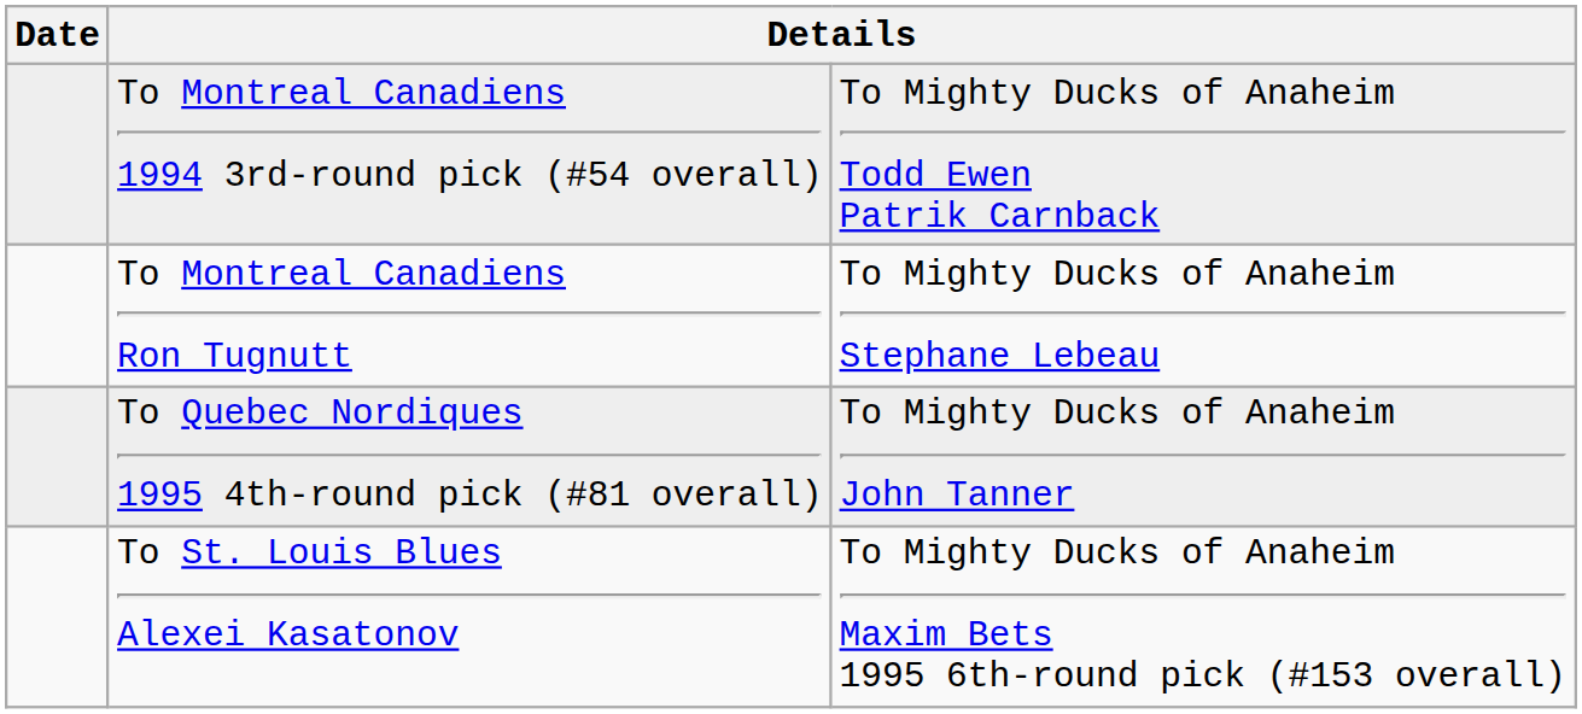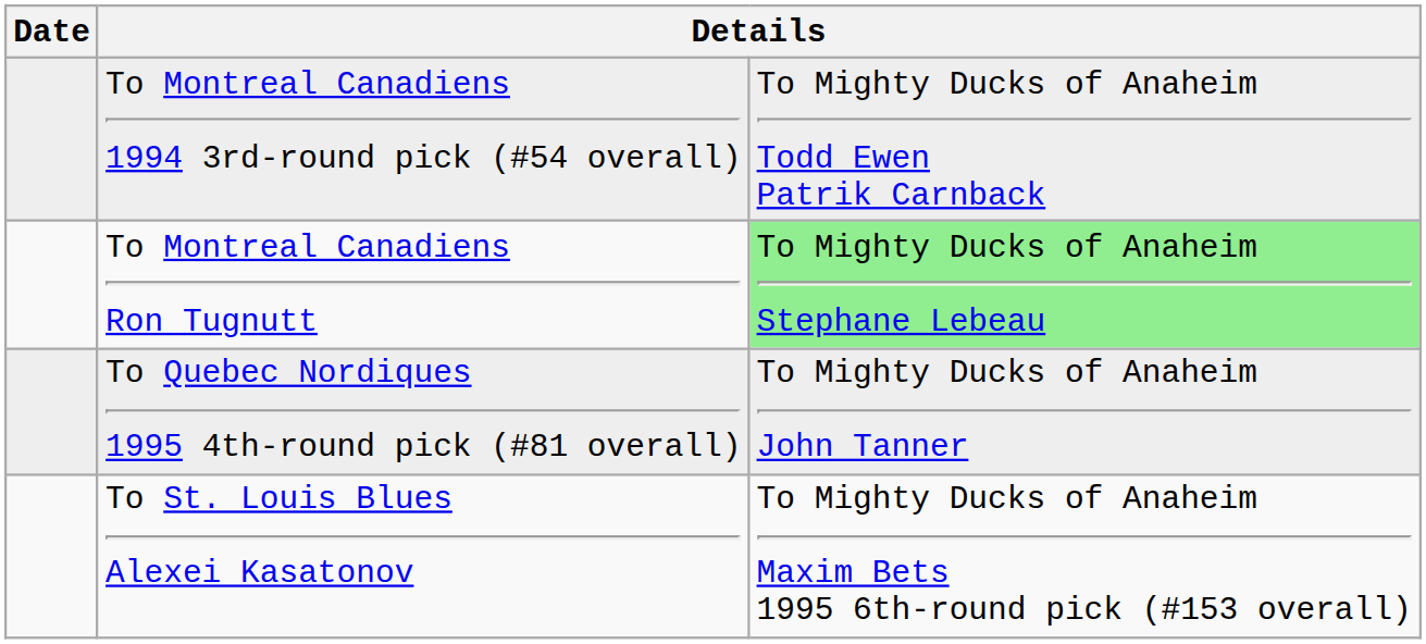 <table class="wikitable">
 <tr>
 <th>Date</th>
 <th colspan="2">Details</th>
 </tr>
 <tr style="background:#eee;">
 <td></td>
 <td valign="top">To <a href='#'>Montreal Canadiens</a><hr><a href='#'>1994</a> 3rd-round pick (#54 overall)</td>
 <td valign="top">To Mighty Ducks of Anaheim<hr><a href='#'>Todd Ewen</a><br><a href='#'>Patrik Carnback</a></td>
 </tr>
 <tr>
 <td></td>
 <td valign="top">To <a href='#'>Montreal Canadiens</a><hr><a href='#'>Ron Tugnutt</a></td>
-<td valign="top">To Mighty Ducks of Anaheim<hr><a href='#'>Stephane Lebeau</a></td>
+<td valign="top" style="background: lightgreen;">To Mighty Ducks of Anaheim<hr><a href='#'>Stephane Lebeau</a></td>
 </tr>
 <tr style="background:#eee;">
 <td></td>
 <td valign="top">To <a href='#'>Quebec Nordiques</a><hr><a href='#'>1995</a> 4th-round pick (#81 overall)</td>
 <td valign="top">To Mighty Ducks of Anaheim<hr><a href='#'>John Tanner</a></td>
 </tr>
 <tr>
 <td></td>
 <td valign="top">To <a href='#'>St. Louis Blues</a><hr><a href='#'>Alexei Kasatonov</a></td>
 <td valign="top">To Mighty Ducks of Anaheim<hr><a href='#'>Maxim Bets</a><br>1995 6th-round pick (#153 overall)</td>
 </tr>
 </table>
